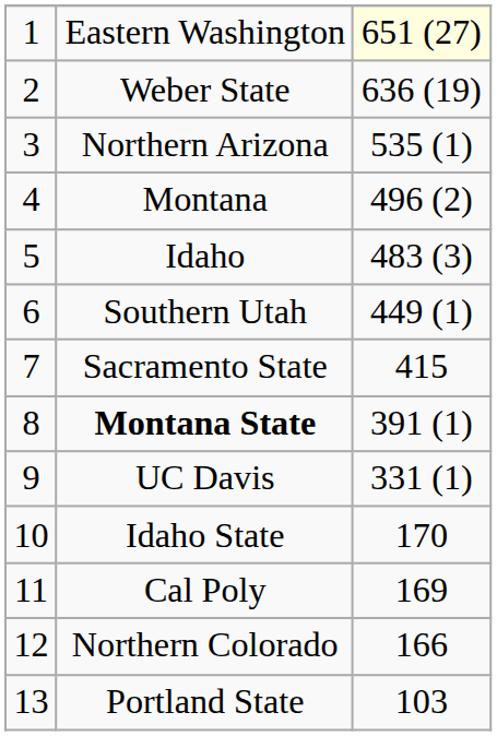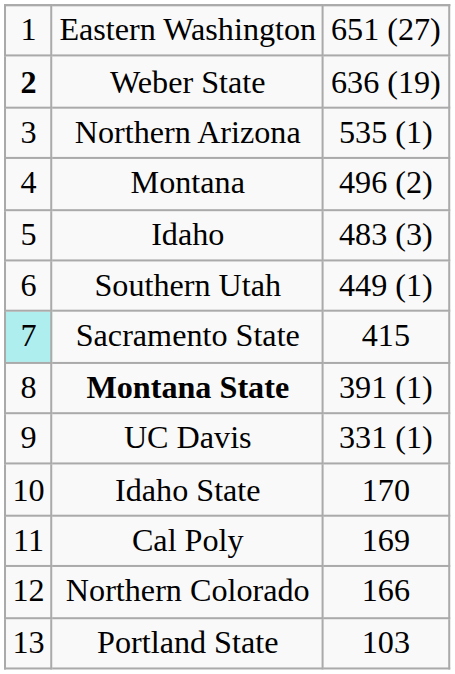 <table class="wikitable" style="display: inline-table;">
 <tr align="center">
 </tr>
 <tr align="center">
 <td>1</td>
 <td>Eastern Washington</td>
-<td style="background: lightyellow;">651 (27)</td>
+<td>651 (27)</td>
 </tr>
 <tr align="center">
-<td>2</td>
+<td><strong>2</strong></td>
 <td>Weber State</td>
 <td>636 (19)</td>
 </tr>
 <tr align="center">
 <td>3</td>
 <td>Northern Arizona</td>
 <td>535 (1)</td>
 </tr>
 <tr align="center">
 <td>4</td>
 <td>Montana</td>
 <td>496 (2)</td>
 </tr>
 <tr align="center">
 <td>5</td>
 <td>Idaho</td>
 <td>483 (3)</td>
 </tr>
 <tr align="center">
 <td>6</td>
 <td>Southern Utah</td>
 <td>449 (1)</td>
 </tr>
 <tr align="center">
-<td>7</td>
+<td style="background: paleturquoise;">7</td>
 <td>Sacramento State</td>
 <td>415</td>
 </tr>
 <tr align="center">
 <td>8</td>
 <td><strong>Montana State</strong></td>
 <td>391 (1)</td>
 </tr>
 <tr align="center">
 <td>9</td>
 <td>UC Davis</td>
 <td>331 (1)</td>
 </tr>
 <tr align="center">
 <td>10</td>
 <td>Idaho State</td>
 <td>170</td>
 </tr>
 <tr align="center">
 <td>11</td>
 <td>Cal Poly</td>
 <td>169</td>
 </tr>
 <tr align="center">
 <td>12</td>
 <td>Northern Colorado</td>
 <td>166</td>
 </tr>
 <tr align="center">
 <td>13</td>
 <td>Portland State</td>
 <td>103</td>
 </tr>
 </table>
